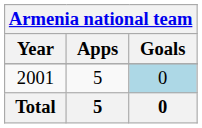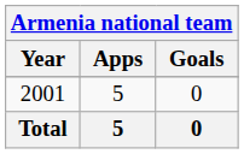 <table class="wikitable" style="text-align:center">
 <tr>
 <th colspan=3><a href='#'>Armenia national team</a></th>
 </tr>
 <tr>
 <th>Year</th>
 <th>Apps</th>
 <th>Goals</th>
 </tr>
 <tr>
 </tr>
 <tr>
 <td>2001</td>
 <td>5</td>
-<td style="background: lightblue;">0</td>
+<td>0</td>
 </tr>
 <tr>
 <th>Total</th>
 <th>5</th>
 <th>0</th>
 </tr>
 </table>
